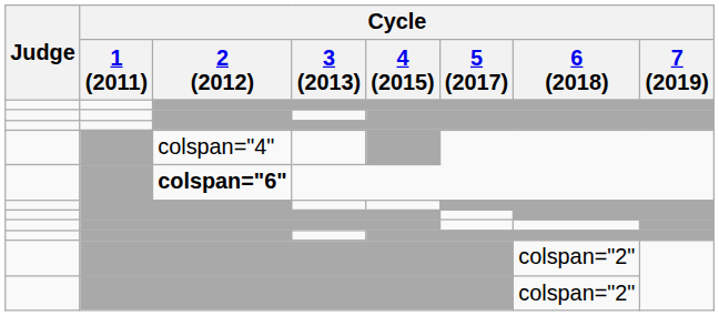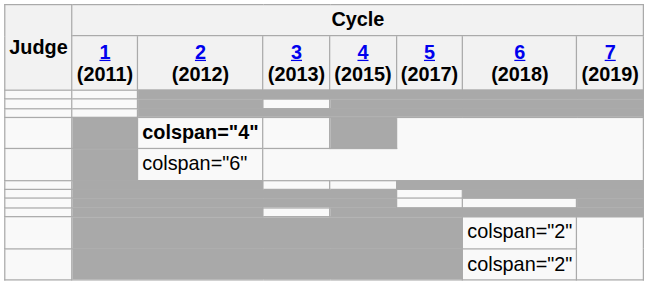 <table class="wikitable" style="margin:1em auto 1em auto;">
 <tr>
 <th rowspan="2">Judge</th>
 <th colspan="10">Cycle</th>
 </tr>
 <tr>
 <th><a href='#'>1</a><br> (2011)</th>
 <th><a href='#'>2</a><br> (2012)</th>
 <th><a href='#'>3</a><br> (2013)</th>
 <th><a href='#'>4</a><br> (2015)</th>
 <th><a href='#'>5</a><br> (2017)</th>
 <th><a href='#'>6</a><br> (2018)</th>
 <th><a href='#'>7</a><br> (2019)</th>
 </tr>
 <tr>
 <td></td>
 <td></td>
 <td colspan="6" bgcolor=darkgray></td>
 </tr>
 <tr>
 <td></td>
 <td></td>
 <td bgcolor=darkgray></td>
 <td></td>
 <td colspan="4" bgcolor=darkgray></td>
 </tr>
 <tr>
 <td></td>
 <td></td>
 <td colspan="6" bgcolor=darkgray></td>
 </tr>
 <tr>
 <td></td>
 <td bgcolor=darkgray></td>
-<td>colspan="4" </td>
+<td><strong>colspan="4" </strong></td>
 <td></td>
 <td bgcolor=darkgray></td>
 </tr>
 <tr>
 <td></td>
 <td bgcolor=darkgray></td>
-<td><strong>colspan="6" </strong></td>
+<td>colspan="6" </td>
 </tr>
 <tr>
 <td></td>
 <td colspan=2 bgcolor=darkgray></td>
 <td></td>
 <td></td>
 <td colspan="3" bgcolor=darkgray></td>
 </tr>
 <tr>
 <td></td>
 <td colspan=4 bgcolor=darkgray></td>
 <td></td>
 <td colspan="2" bgcolor=darkgray></td>
 </tr>
 <tr>
 <td></td>
 <td colspan=4 bgcolor=darkgray></td>
 <td></td>
 <td></td>
 <td bgcolor=darkgray></td>
 </tr>
 <tr>
 <td></td>
 <td colspan=2 bgcolor=darkgray></td>
 <td></td>
 <td colspan="4" bgcolor=darkgray></td>
 </tr>
 <tr>
 <td></td>
 <td colspan=5 bgcolor=darkgray></td>
 <td>colspan="2" </td>
 </tr>
 <tr>
 <td></td>
 <td colspan=5 bgcolor=darkgray></td>
 <td>colspan="2" </td>
 </tr>
 </table>
